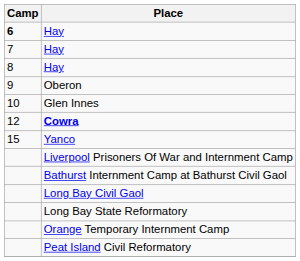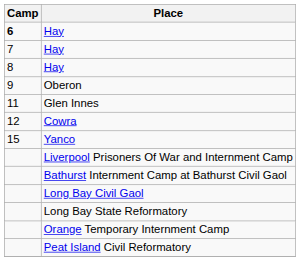 <table class="wikitable">
 <tr>
 <th>Camp</th>
 <th>Place</th>
 </tr>
 <tr>
 <td><strong>6</strong></td>
 <td><a href='#'>Hay</a></td>
 </tr>
 <tr>
 <td>7</td>
 <td><a href='#'>Hay</a></td>
 </tr>
 <tr>
 <td>8</td>
 <td><a href='#'>Hay</a></td>
 </tr>
 <tr>
 <td>9</td>
 <td>Oberon</td>
 </tr>
 <tr>
-<td>10</td>
+<td>11</td>
 <td>Glen Innes</td>
 </tr>
 <tr>
 <td>12</td>
-<td><strong><a href='#'>Cowra</a></strong></td>
+<td><a href='#'>Cowra</a></td>
 </tr>
 <tr>
 <td>15</td>
 <td><a href='#'>Yanco</a></td>
 </tr>
 <tr>
 <td></td>
 <td><a href='#'>Liverpool</a> Prisoners Of War and Internment Camp</td>
 </tr>
 <tr>
 <td></td>
 <td><a href='#'>Bathurst</a> Internment Camp at Bathurst Civil Gaol</td>
 </tr>
 <tr>
 <td></td>
 <td><a href='#'>Long Bay Civil Gaol</a></td>
 </tr>
 <tr>
 <td></td>
 <td>Long Bay State Reformatory</td>
 </tr>
 <tr>
 <td></td>
 <td><a href='#'>Orange</a> Temporary Internment Camp</td>
 </tr>
 <tr>
 <td></td>
 <td><a href='#'>Peat Island</a> Civil Reformatory</td>
 </tr>
 <tr>
 </tr>
 </table>
